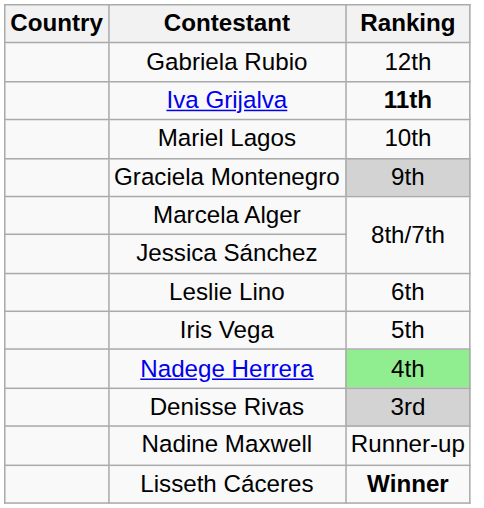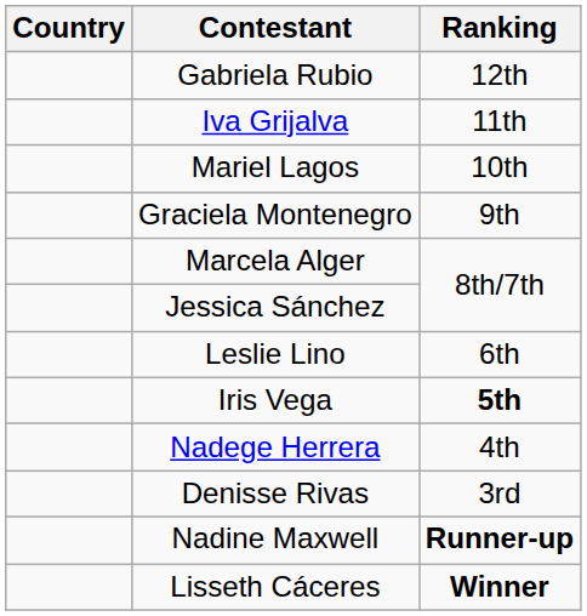 <table class="wikitable sortable" style="text-align:center;">
 <tr>
 <th>Country</th>
 <th>Contestant</th>
 <th>Ranking</th>
 </tr>
 <tr>
 <td></td>
 <td>Gabriela Rubio</td>
 <td>12th</td>
 </tr>
 <tr>
 <td></td>
 <td><a href='#'>Iva Grijalva</a></td>
-<td><strong>11th</strong></td>
+<td>11th</td>
 </tr>
 <tr>
 <td></td>
 <td>Mariel Lagos</td>
 <td>10th</td>
 </tr>
 <tr>
 <td></td>
 <td>Graciela Montenegro</td>
-<td style="background: lightgrey;">9th</td>
+<td>9th</td>
 </tr>
 <tr>
 <td></td>
 <td>Marcela Alger</td>
 <td rowspan=2>8th/7th</td>
 </tr>
 <tr>
 <td></td>
 <td>Jessica Sánchez</td>
 </tr>
 <tr>
 <td></td>
 <td>Leslie Lino</td>
 <td>6th</td>
 </tr>
 <tr>
 <td></td>
 <td>Iris Vega</td>
-<td>5th</td>
+<td><strong>5th</strong></td>
 </tr>
 <tr>
 <td></td>
 <td><a href='#'>Nadege Herrera</a></td>
-<td style="background: lightgreen;">4th</td>
+<td>4th</td>
 </tr>
 <tr>
 <td></td>
 <td>Denisse Rivas</td>
-<td style="background: lightgrey;">3rd</td>
+<td>3rd</td>
 </tr>
 <tr>
 <td></td>
 <td>Nadine Maxwell</td>
-<td>Runner-up</td>
+<td><strong>Runner-up</strong></td>
 </tr>
 <tr>
 <td></td>
 <td>Lisseth Cáceres</td>
 <td><strong>Winner</strong></td>
 </tr>
 </table>
